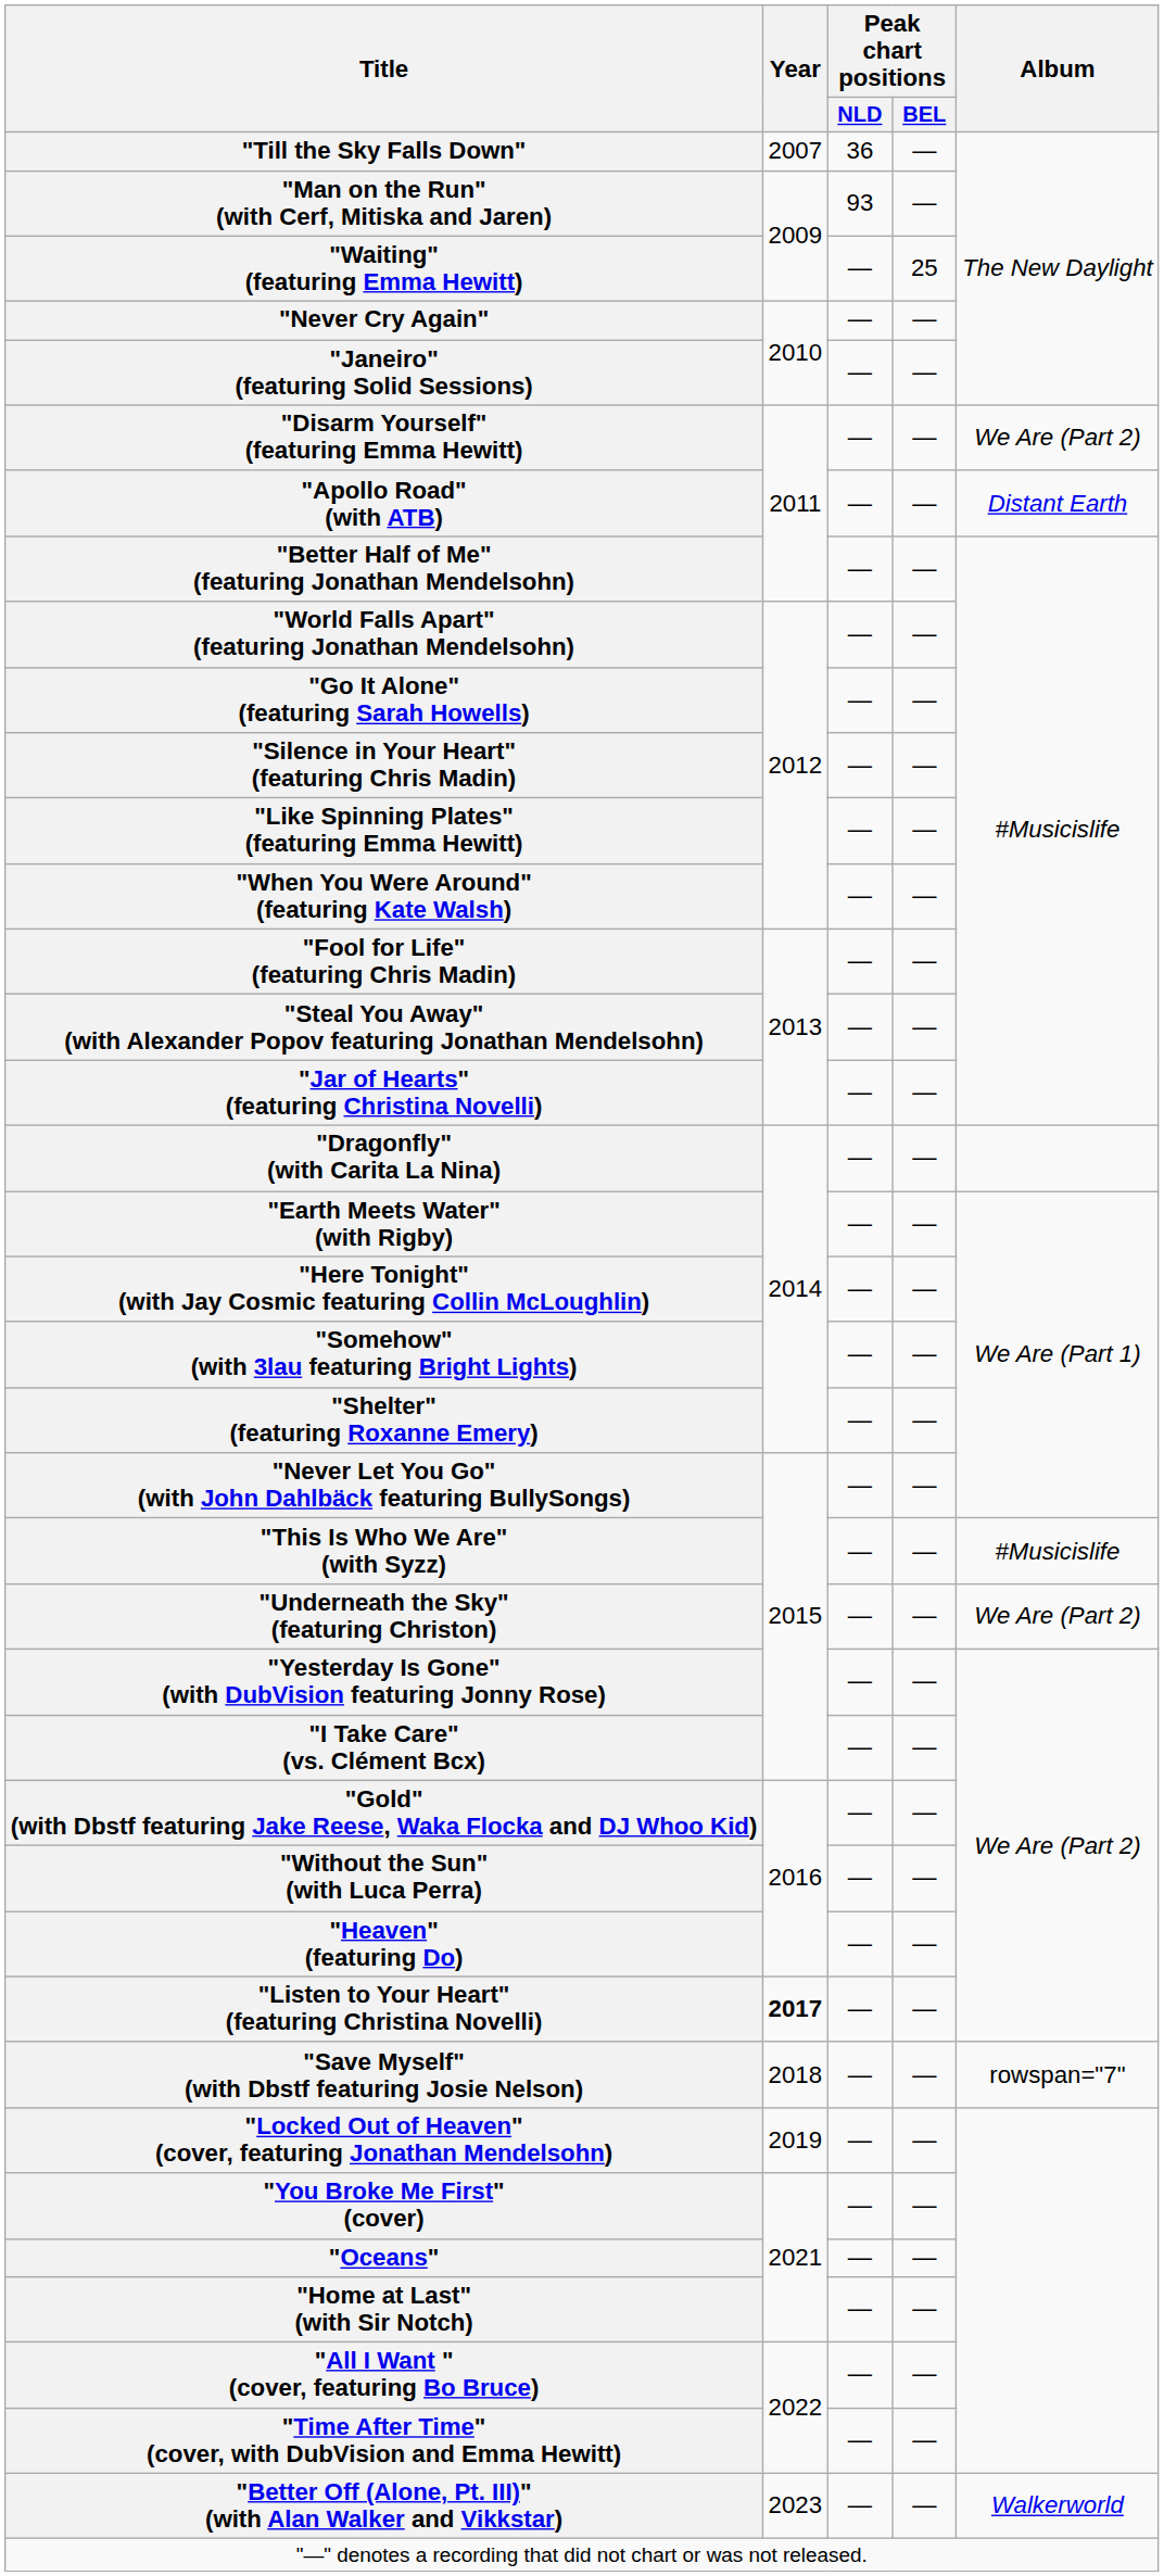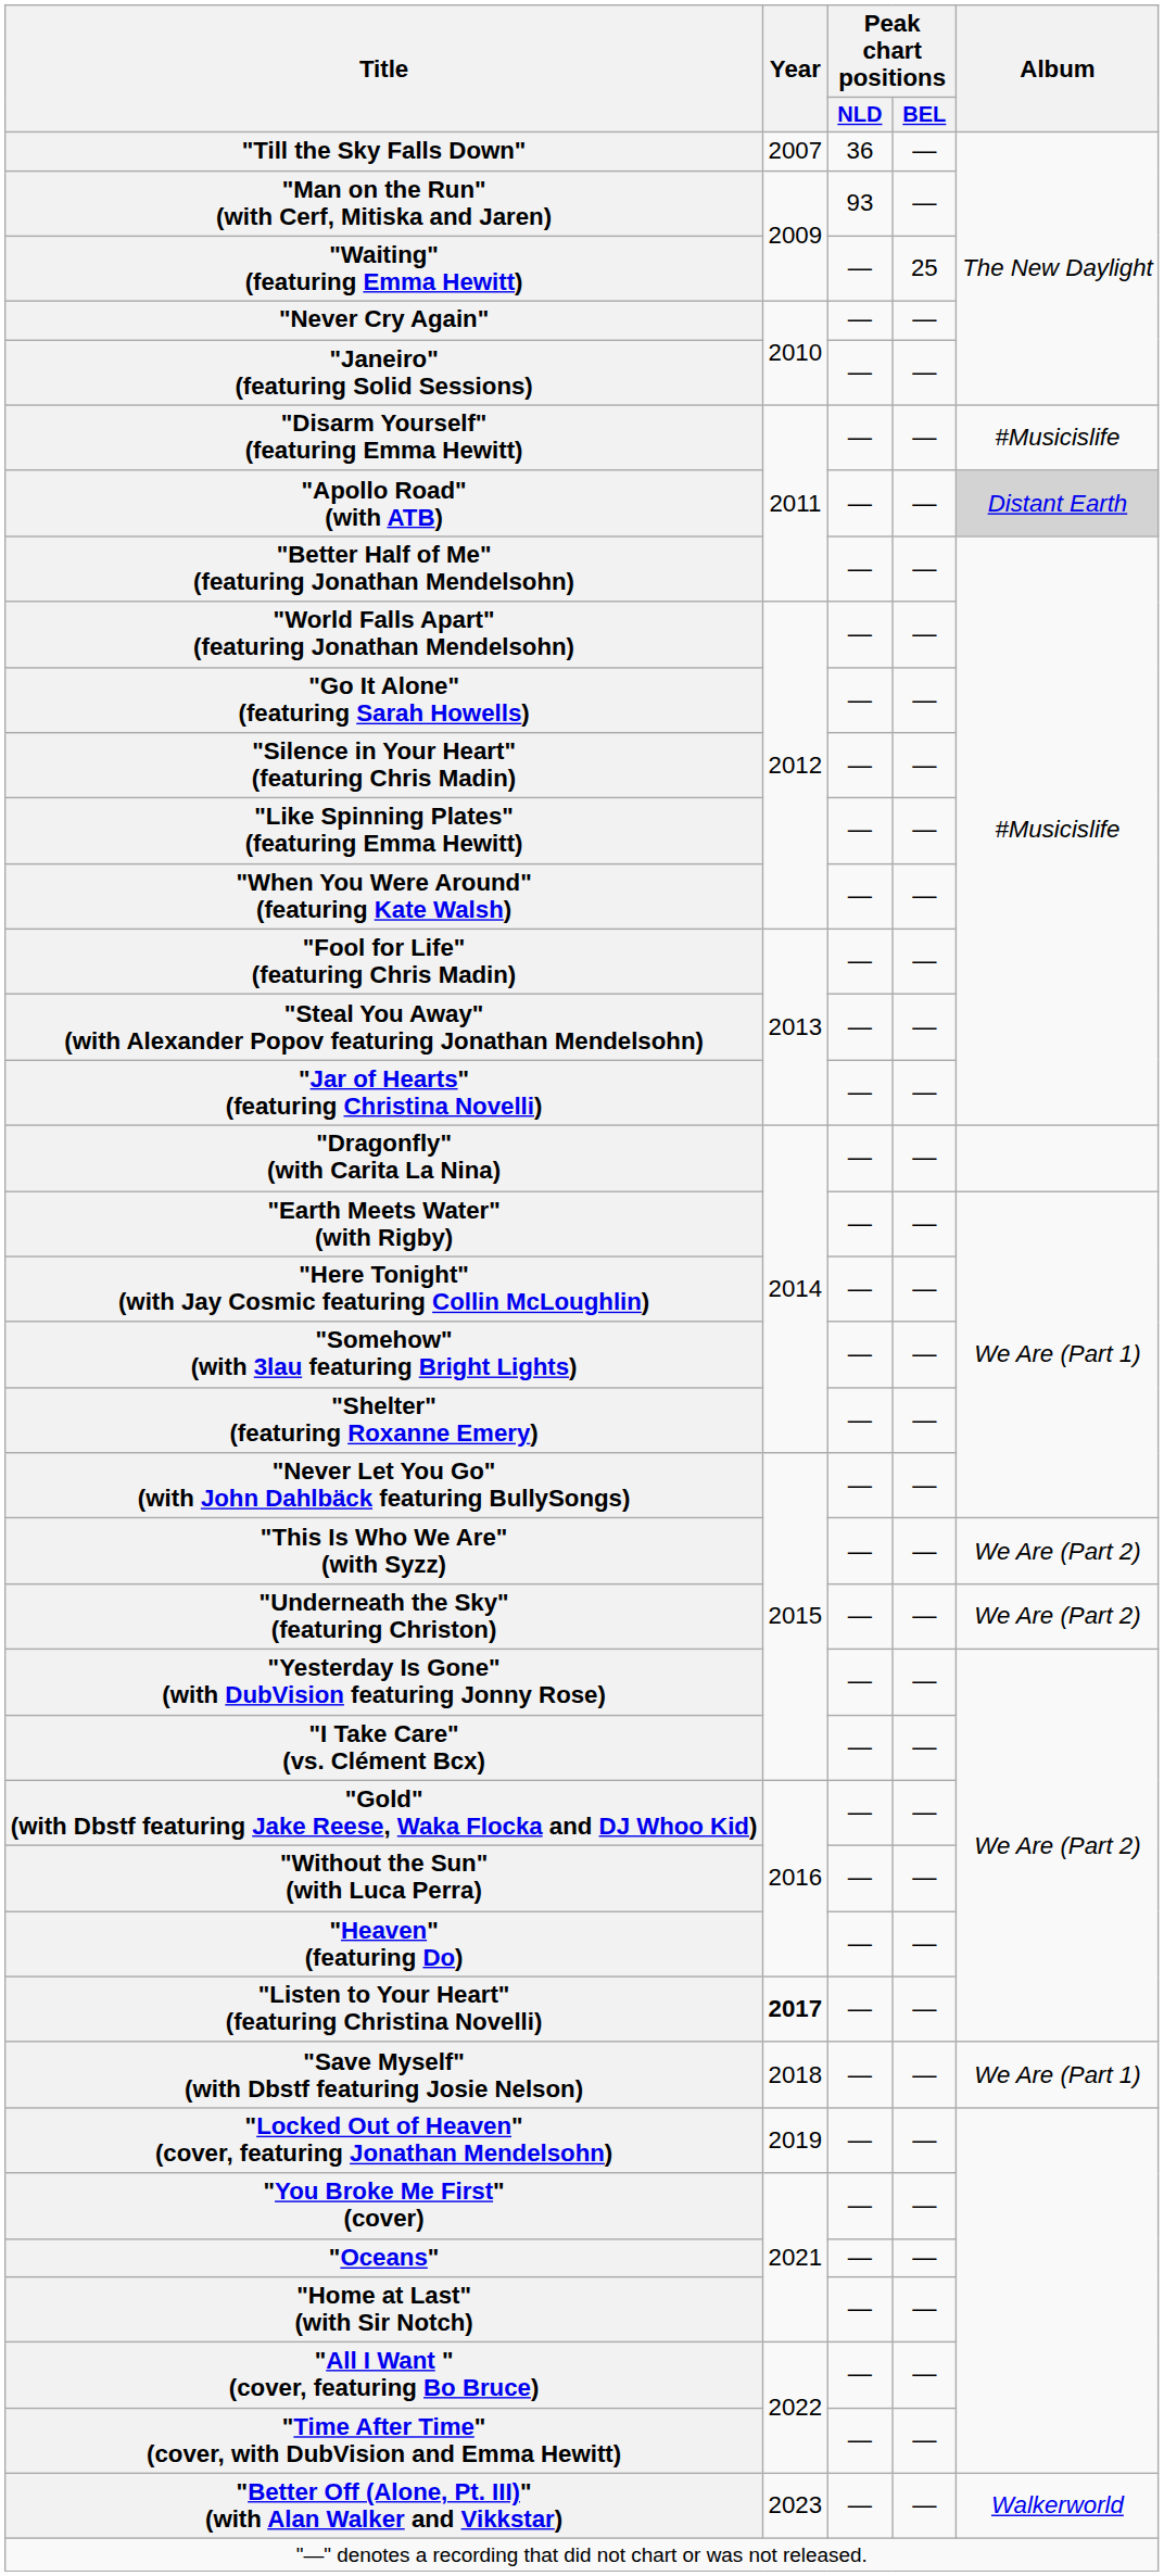 <table class="wikitable plainrowheaders" style="text-align:center;" border="1">
 <tr>
 <th scope="col" rowspan="2">Title</th>
 <th scope="col" rowspan="2" style="width:1em;">Year</th>
 <th scope="col" colspan="2">Peak chart positions</th>
 <th scope="col" rowspan="2">Album</th>
 </tr>
 <tr>
 <th scope ="col" style="width:2.5em;font-size:90%;"><a href='#'>NLD</a> <br></th>
 <th scope="col" style="width:2.5em;font-size:90%;"><a href='#'>BEL</a> <br></th>
 </tr>
 <tr>
 <th scope="row">"Till the Sky Falls Down"</th>
 <td>2007</td>
 <td>36</td>
 <td>—</td>
 <td rowspan="5"><em>The New Daylight</em></td>
 </tr>
 <tr>
 <th scope="row">"Man on the Run"<br><span>(with Cerf, Mitiska and Jaren)</span></th>
 <td rowspan="2">2009</td>
 <td>93</td>
 <td>—</td>
 </tr>
 <tr>
 <th scope="row">"Waiting"<br><span>(featuring <a href='#'>Emma Hewitt</a>)</span></th>
 <td>—</td>
 <td>25</td>
 </tr>
 <tr>
 <th scope="row">"Never Cry Again"</th>
 <td rowspan="2">2010</td>
 <td>—</td>
 <td>—</td>
 </tr>
 <tr>
 <th scope="row">"Janeiro"<br><span>(featuring Solid Sessions)</span></th>
 <td>—</td>
 <td>—</td>
 </tr>
 <tr>
 <th scope="row">"Disarm Yourself"<br><span>(featuring Emma Hewitt)</span></th>
 <td rowspan="3">2011</td>
 <td>—</td>
 <td>—</td>
-<td><em>We Are (Part 2)</em></td>
+<td><em>#Musicislife</em></td>
 </tr>
 <tr>
 <th scope="row">"Apollo Road"<br><span>(with <a href='#'>ATB</a>)</span></th>
 <td>—</td>
 <td>—</td>
-<td><em><a href='#'>Distant Earth</a></em></td>
+<td style="background: lightgrey;"><em><a href='#'>Distant Earth</a></em></td>
 </tr>
 <tr>
 <th scope="row">"Better Half of Me"<br><span>(featuring Jonathan Mendelsohn)</span></th>
 <td>—</td>
 <td>—</td>
 <td rowspan="9"><em>#Musicislife</em></td>
 </tr>
 <tr>
 <th scope="row">"World Falls Apart"<br><span>(featuring Jonathan Mendelsohn)</span></th>
 <td rowspan="5">2012</td>
 <td>—</td>
 <td>—</td>
 </tr>
 <tr>
 <th scope="row">"Go It Alone"<br><span>(featuring <a href='#'>Sarah Howells</a>)</span></th>
 <td>—</td>
 <td>—</td>
 </tr>
 <tr>
 <th scope="row">"Silence in Your Heart"<br><span>(featuring Chris Madin)</span></th>
 <td>—</td>
 <td>—</td>
 </tr>
 <tr>
 <th scope="row">"Like Spinning Plates"<br><span>(featuring Emma Hewitt)</span></th>
 <td>—</td>
 <td>—</td>
 </tr>
 <tr>
 <th scope="row">"When You Were Around"<br><span>(featuring <a href='#'>Kate Walsh</a>)</span></th>
 <td>—</td>
 <td>—</td>
 </tr>
 <tr>
 <th scope="row">"Fool for Life"<br><span>(featuring Chris Madin)</span></th>
 <td rowspan="3">2013</td>
 <td>—</td>
 <td>—</td>
 </tr>
 <tr>
 <th scope="row">"Steal You Away"<br><span>(with Alexander Popov featuring Jonathan Mendelsohn)</span></th>
 <td>—</td>
 <td>—</td>
 </tr>
 <tr>
 <th scope="row">"<a href='#'>Jar of Hearts</a>"<br><span>(featuring <a href='#'>Christina Novelli</a>)</span></th>
 <td>—</td>
 <td>—</td>
 </tr>
 <tr>
 <th scope="row">"Dragonfly"<br><span>(with Carita La Nina)</span></th>
 <td rowspan="5">2014</td>
 <td>—</td>
 <td>—</td>
 <td></td>
 </tr>
 <tr>
 <th scope="row">"Earth Meets Water"<br><span>(with Rigby)</span></th>
 <td>—</td>
 <td>—</td>
 <td rowspan="5"><em>We Are (Part 1)</em></td>
 </tr>
 <tr>
 <th scope="row">"Here Tonight"<br><span>(with Jay Cosmic featuring <a href='#'>Collin McLoughlin</a>)</span></th>
 <td>—</td>
 <td>—</td>
 </tr>
 <tr>
 <th scope="row">"Somehow"<br><span>(with <a href='#'>3lau</a> featuring <a href='#'>Bright Lights</a>)</span></th>
 <td>—</td>
 <td>—</td>
 </tr>
 <tr>
 <th scope="row">"Shelter"<br><span>(featuring <a href='#'>Roxanne Emery</a>)</span></th>
 <td>—</td>
 <td>—</td>
 </tr>
 <tr>
 <th scope="row">"Never Let You Go"<br><span>(with <a href='#'>John Dahlbäck</a> featuring BullySongs)</span></th>
 <td rowspan="5">2015</td>
 <td>—</td>
 <td>—</td>
 </tr>
 <tr>
 <th scope="row">"This Is Who We Are"<br><span>(with Syzz)</span></th>
 <td>—</td>
 <td>—</td>
-<td><em>#Musicislife</em></td>
+<td><em>We Are (Part 2)</em></td>
 </tr>
 <tr>
 <th scope="row">"Underneath the Sky"<br><span>(featuring Christon)</span></th>
 <td>—</td>
 <td>—</td>
 <td><em>We Are (Part 2)</em></td>
 </tr>
 <tr>
 <th scope="row">"Yesterday Is Gone"<br><span>(with <a href='#'>DubVision</a> featuring Jonny Rose)</span></th>
 <td>—</td>
 <td>—</td>
 <td rowspan="6"><em>We Are (Part 2)</em></td>
 </tr>
 <tr>
 <th scope="row">"I Take Care"<br><span>(vs. Clément Bcx)</span></th>
 <td>—</td>
 <td>—</td>
 </tr>
 <tr>
 <th scope="row">"Gold"<br><span>(with Dbstf featuring <a href='#'>Jake Reese</a>, <a href='#'>Waka Flocka</a> and <a href='#'>DJ Whoo Kid</a>)</span></th>
 <td rowspan="3">2016</td>
 <td>—</td>
 <td>—</td>
 </tr>
 <tr>
 <th scope="row">"Without the Sun"<br><span>(with Luca Perra)</span></th>
 <td>—</td>
 <td>—</td>
 </tr>
 <tr>
 <th scope="row">"<a href='#'>Heaven</a>"<br><span>(featuring <a href='#'>Do</a>)</span></th>
 <td>—</td>
 <td>—</td>
 </tr>
 <tr>
 <th scope="row">"Listen to Your Heart" <br><span>(featuring Christina Novelli)</span></th>
 <td><strong>2017</strong></td>
 <td>—</td>
 <td>—</td>
 </tr>
 <tr>
 <th scope="row">"Save Myself"<br><span>(with Dbstf featuring Josie Nelson)</span></th>
 <td>2018</td>
 <td>—</td>
 <td>—</td>
-<td>rowspan="7" </td>
+<td><em>We Are (Part 1)</em></td>
 </tr>
 <tr>
 <th scope="row">"<a href='#'>Locked Out of Heaven</a>" <br><span>(cover, featuring <a href='#'>Jonathan Mendelsohn</a>)</span></th>
 <td>2019</td>
 <td>—</td>
 <td>—</td>
 </tr>
 <tr>
 <th scope="row">"<a href='#'>You Broke Me First</a>" <br><span>(cover)</span></th>
 <td rowspan="3">2021</td>
 <td>—</td>
 <td>—</td>
 </tr>
 <tr>
 <th scope="row">"<a href='#'>Oceans</a>"</th>
 <td>—</td>
 <td>—</td>
 </tr>
 <tr>
 <th scope="row">"Home at Last" <br><span>(with Sir Notch)</span></th>
 <td>—</td>
 <td>—</td>
 </tr>
 <tr>
 <th scope="row">"<a href='#'>All I Want</a> " <br><span>(cover, featuring <a href='#'>Bo Bruce</a>)</span></th>
 <td rowspan="2">2022</td>
 <td>—</td>
 <td>—</td>
 </tr>
 <tr>
 <th scope="row">"<a href='#'>Time After Time</a>" <br><span>(cover, with DubVision and Emma Hewitt)</span></th>
 <td>—</td>
 <td>—</td>
 </tr>
 <tr>
 <th scope="row">"<a href='#'>Better Off (Alone, Pt. III)</a>" <br><span>(with <a href='#'>Alan Walker</a> and <a href='#'>Vikkstar</a>)</span></th>
 <td>2023</td>
 <td>—</td>
 <td>—</td>
 <td><em><a href='#'>Walkerworld</a></em></td>
 </tr>
 <tr>
 <td colspan="5" style="font-size:85%">"—" denotes a recording that did not chart or was not released.</td>
 </tr>
 </table>
